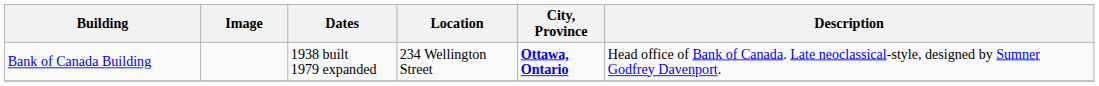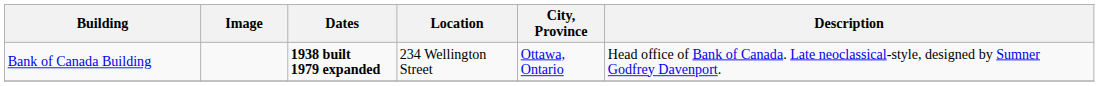 <table class="wikitable sortable" style="width:98%">
 <tr>
 <th width = 18%><strong>Building</strong></th>
 <th width = 8% class="unsortable"><strong>Image</strong></th>
 <th width = 10%><strong>Dates</strong></th>
 <th><strong>Location</strong></th>
 <th width = 8%><strong>City, Province</strong></th>
 <th class="unsortable"><strong>Description</strong></th>
 </tr>
 <tr>
 <td><a href='#'>Bank of Canada Building</a></td>
 <td></td>
-<td>1938 built<br>1979 expanded</td>
+<td><strong>1938 built<br>1979 expanded</strong></td>
 <td>234 Wellington Street<br></td>
-<td><strong><a href='#'>Ottawa, Ontario</a></strong></td>
+<td><a href='#'>Ottawa, Ontario</a></td>
 <td>Head office of <a href='#'>Bank of Canada</a>. <a href='#'>Late neoclassical</a>-style, designed by <a href='#'>Sumner Godfrey Davenport</a>.</td>
 </tr>
 <tr>
 </tr>
 </table>
